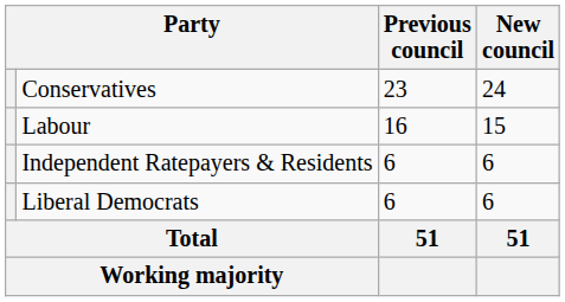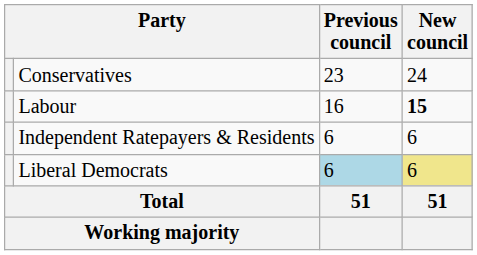 <table class="wikitable">
 <tr>
 <th valign=top colspan="2" style="width: 230px">Party</th>
 <th valign=top style="width: 30px">Previous council</th>
 <th valign=top style="width: 30px">New council</th>
 </tr>
 <tr>
 <th style="background-color: "></th>
 <td>Conservatives</td>
 <td>23</td>
 <td>24</td>
 </tr>
 <tr>
 <th style="background-color: "></th>
 <td>Labour</td>
 <td>16</td>
-<td>15</td>
+<td><strong>15</strong></td>
 </tr>
 <tr>
 <th style="background-color: "></th>
 <td>Independent Ratepayers & Residents</td>
 <td>6</td>
 <td>6</td>
 </tr>
 <tr>
 <th style="background-color: "></th>
 <td>Liberal Democrats</td>
-<td>6</td>
-<td>6</td>
+<td style="background: lightblue;">6</td>
+<td style="background: khaki;">6</td>
 </tr>
 <tr>
 <th colspan=2>Total</th>
 <th style="text-align: center">51</th>
 <th colspan=3>51</th>
 </tr>
 <tr>
 <th colspan=2>Working majority</th>
 <th></th>
 <th></th>
 </tr>
 </table>
